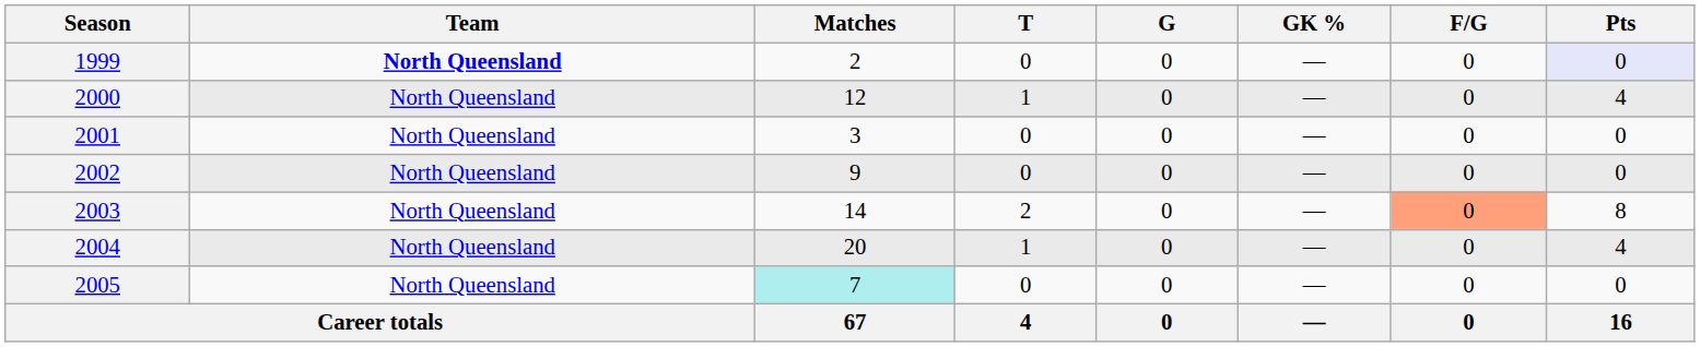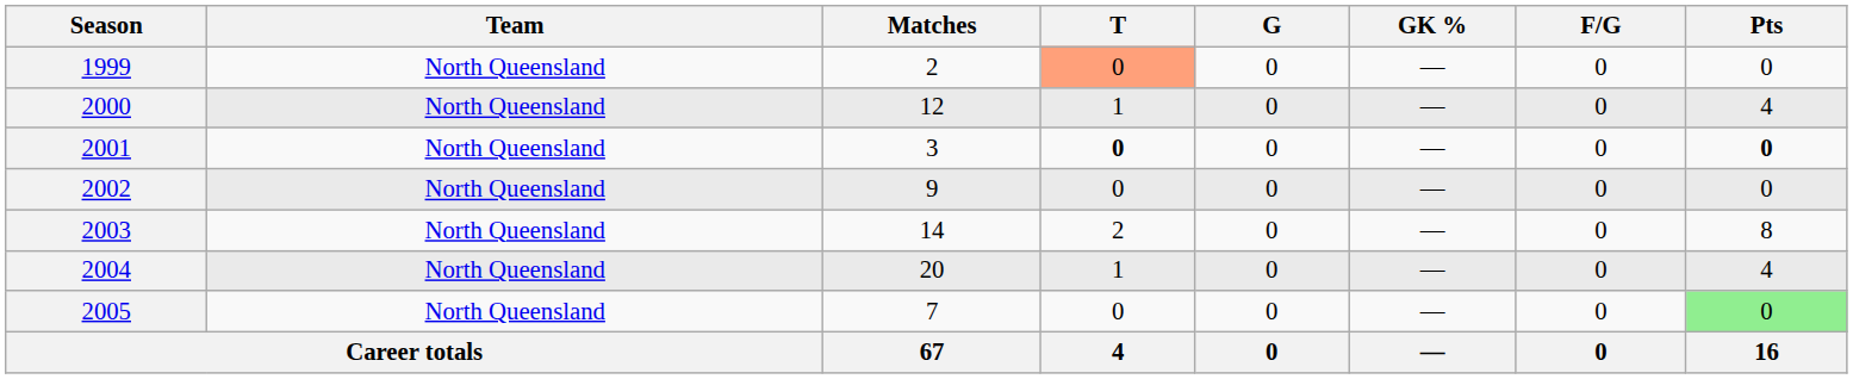 <table class="wikitable sortable"  style="font-size:90%; text-align:center; width:85%;">
 <tr>
 <th width=2%>Season</th>
 <th width=8%>Team</th>
 <th width=2%>Matches</th>
 <th width=2%>T</th>
 <th width=2%>G</th>
 <th width=2%>GK %</th>
 <th width=2%>F/G</th>
 <th width=2%>Pts</th>
 </tr>
 <tr>
 <th scope="row" style="text-align:center; font-weight:normal"><a href='#'>1999</a></th>
-<td style="text-align:center;"><strong> <a href='#'>North Queensland</a></strong></td>
+<td style="text-align:center;"> <a href='#'>North Queensland</a></td>
 <td>2</td>
-<td>0</td>
+<td style="background: lightsalmon;">0</td>
 <td>0</td>
 <td>—</td>
 <td>0</td>
-<td style="background: lavender;">0</td>
+<td>0</td>
 </tr>
 <tr style="background:#eaeaea;">
 <th scope="row" style="text-align:center; font-weight:normal"><a href='#'>2000</a></th>
 <td style="text-align:center;"> <a href='#'>North Queensland</a></td>
 <td>12</td>
 <td>1</td>
 <td>0</td>
 <td>—</td>
 <td>0</td>
 <td>4</td>
 </tr>
 <tr>
 <th scope="row" style="text-align:center; font-weight:normal"><a href='#'>2001</a></th>
 <td style="text-align:center;"> <a href='#'>North Queensland</a></td>
 <td>3</td>
-<td>0</td>
+<td><strong>0</strong></td>
 <td>0</td>
 <td>—</td>
 <td>0</td>
-<td>0</td>
+<td><strong>0</strong></td>
 </tr>
 <tr style="background:#eaeaea;">
 <th scope="row" style="text-align:center; font-weight:normal"><a href='#'>2002</a></th>
 <td style="text-align:center;"> <a href='#'>North Queensland</a></td>
 <td>9</td>
 <td>0</td>
 <td>0</td>
 <td>—</td>
 <td>0</td>
 <td>0</td>
 </tr>
 <tr>
 <th scope="row" style="text-align:center; font-weight:normal"><a href='#'>2003</a></th>
 <td style="text-align:center;"> <a href='#'>North Queensland</a></td>
 <td>14</td>
 <td>2</td>
 <td>0</td>
 <td>—</td>
-<td style="background: lightsalmon;">0</td>
+<td>0</td>
 <td>8</td>
 </tr>
 <tr style="background:#eaeaea;">
 <th scope="row" style="text-align:center; font-weight:normal"><a href='#'>2004</a></th>
 <td style="text-align:center;"> <a href='#'>North Queensland</a></td>
 <td>20</td>
 <td>1</td>
 <td>0</td>
 <td>—</td>
 <td>0</td>
 <td>4</td>
 </tr>
 <tr>
 <th scope="row" style="text-align:center; font-weight:normal"><a href='#'>2005</a></th>
 <td style="text-align:center;"> <a href='#'>North Queensland</a></td>
-<td style="background: paleturquoise;">7</td>
+<td>7</td>
 <td>0</td>
 <td>0</td>
 <td>—</td>
 <td>0</td>
-<td>0</td>
+<td style="background: lightgreen;">0</td>
 </tr>
 <tr class="sortbottom">
 <th colspan=2>Career totals</th>
 <th>67</th>
 <th>4</th>
 <th>0</th>
 <th>—</th>
 <th>0</th>
 <th>16</th>
 </tr>
 </table>
